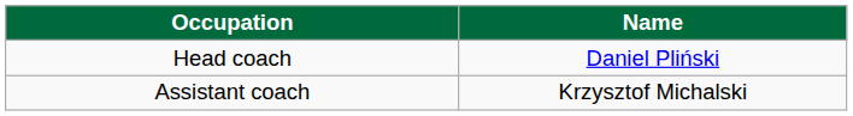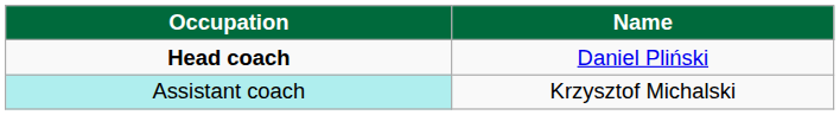 <table class="wikitable" style="font-size:100%; text-align:center">
 <tr>
 <th style="width:20em; color: #FFFFFF; background-color:#006A3C">Occupation</th>
 <th colspan="2" style="width:25em; color: #FFFFFF; background-color:#006A3C">Name</th>
 </tr>
 <tr>
-<td>Head coach</td>
+<td><strong>Head coach</strong></td>
 <td colspan="2"> <a href='#'>Daniel Pliński</a></td>
 </tr>
 <tr>
-<td>Assistant coach</td>
+<td style="background: paleturquoise;">Assistant coach</td>
 <td colspan="2"> Krzysztof Michalski</td>
 </tr>
 </table>
